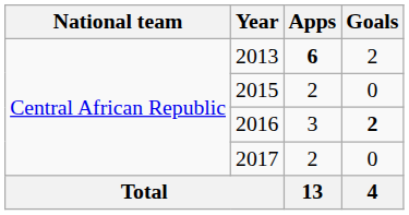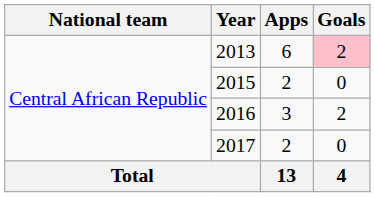 <table class="wikitable" style="text-align:center">
 <tr>
 <th>National team</th>
 <th>Year</th>
 <th>Apps</th>
 <th>Goals</th>
 </tr>
 <tr>
 <td rowspan="4"><a href='#'>Central African Republic</a></td>
 <td>2013</td>
-<td><strong>6</strong></td>
-<td>2</td>
+<td>6</td>
+<td style="background: pink;">2</td>
 </tr>
 <tr>
 <td>2015</td>
 <td>2</td>
 <td>0</td>
 </tr>
 <tr>
 <td>2016</td>
 <td>3</td>
-<td><strong>2</strong></td>
+<td>2</td>
 </tr>
 <tr>
 <td>2017</td>
 <td>2</td>
 <td>0</td>
 </tr>
 <tr>
 <th colspan="2">Total</th>
 <th>13</th>
 <th>4</th>
 </tr>
 </table>
